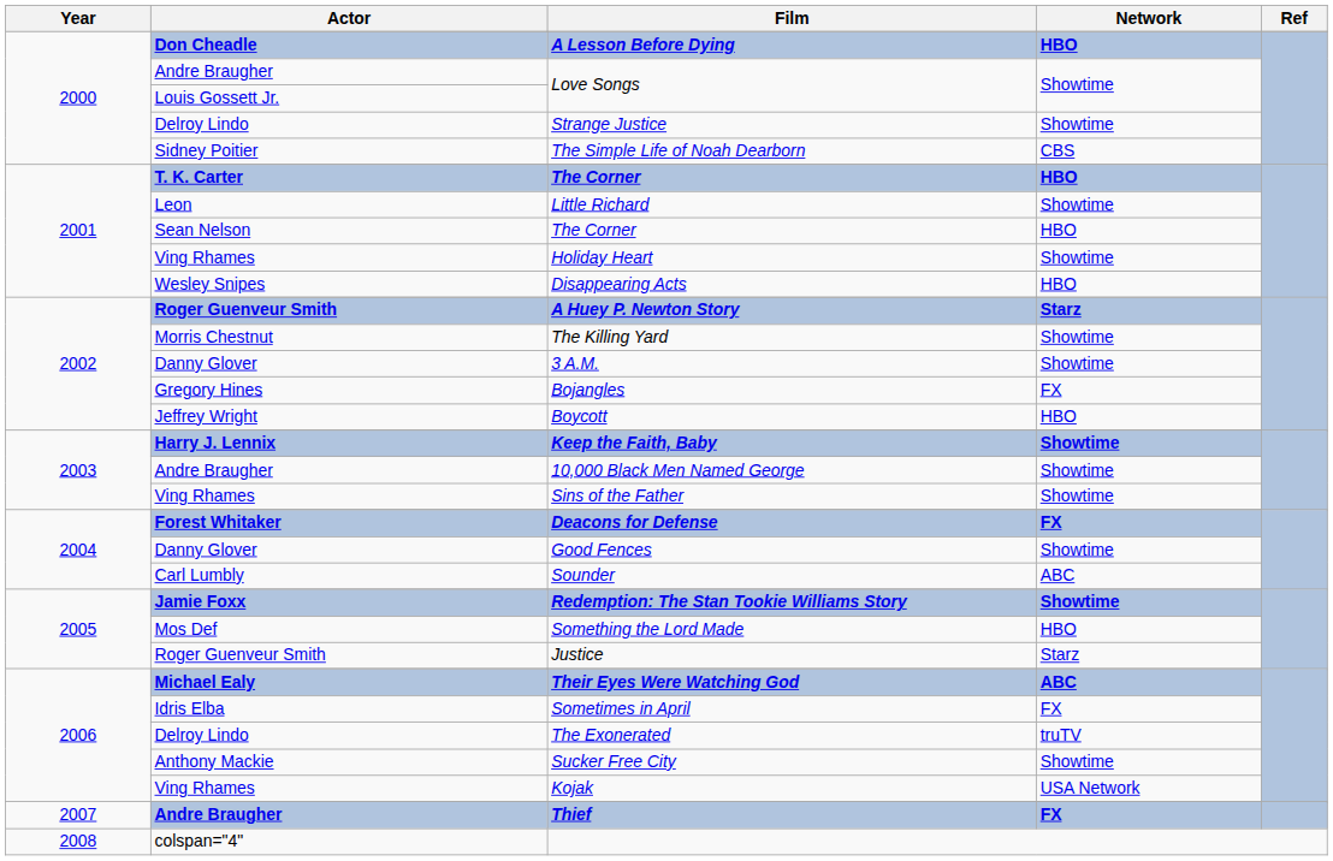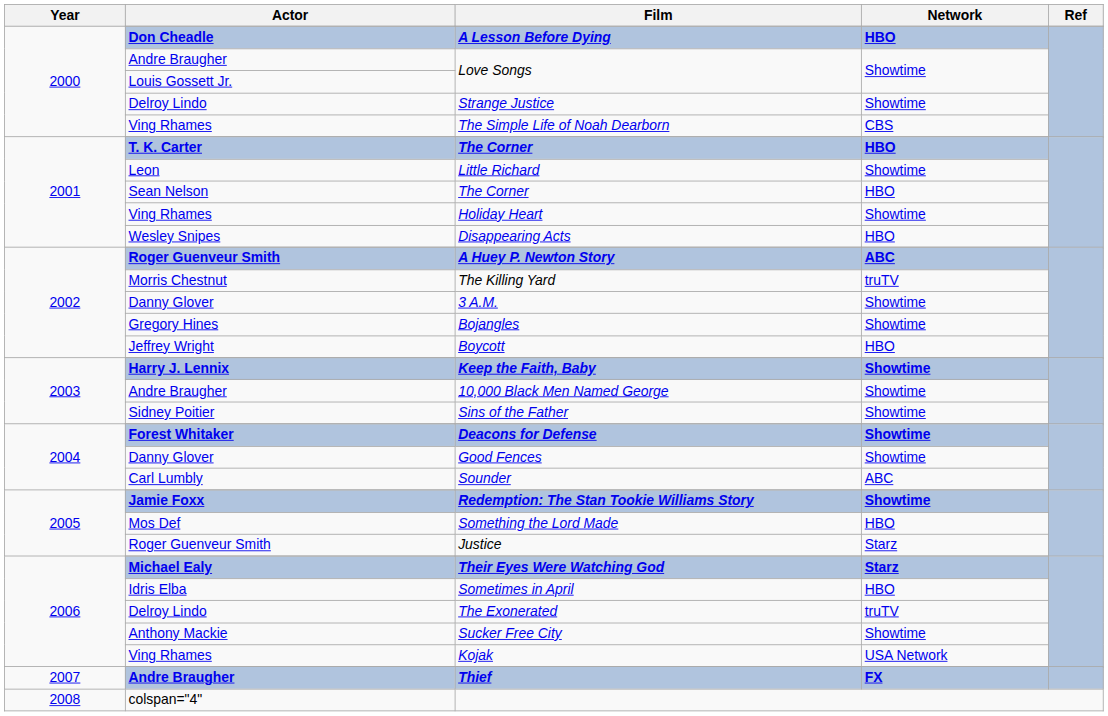 <table class="wikitable" style="width:100%;">
 <tr style="background:#bebebe;">
 <th style="width:11%;">Year</th>
 <th style="width:30%;">Actor</th>
 <th style="width:37%;">Film</th>
 <th style="width:17%;">Network</th>
 <th style="width:5%;">Ref</th>
 </tr>
 <tr>
 <td rowspan="6" align="center"><a href='#'>2000</a></td>
 </tr>
 <tr style="background:#B0C4DE">
 <td><strong><a href='#'>Don Cheadle</a></strong></td>
 <td><strong><em><a href='#'>A Lesson Before Dying</a></em></strong></td>
 <td><strong><a href='#'>HBO</a></strong></td>
 <td rowspan="6" align="center"></td>
 </tr>
 <tr>
 <td><a href='#'>Andre Braugher</a></td>
 <td rowspan="2"><em>Love Songs</em></td>
 <td rowspan="2"><a href='#'>Showtime</a></td>
 </tr>
 <tr>
 <td><a href='#'>Louis Gossett Jr.</a></td>
 </tr>
 <tr>
 <td><a href='#'>Delroy Lindo</a></td>
 <td><em><a href='#'>Strange Justice</a></em></td>
 <td><a href='#'>Showtime</a></td>
 </tr>
 <tr>
-<td><a href='#'>Sidney Poitier</a></td>
+<td><a href='#'>Ving Rhames</a></td>
 <td><em><a href='#'>The Simple Life of Noah Dearborn</a></em></td>
 <td><a href='#'>CBS</a></td>
 </tr>
 <tr>
 <td rowspan="6" align="center"><a href='#'>2001</a></td>
 </tr>
 <tr style="background:#B0C4DE">
 <td><strong><a href='#'>T. K. Carter</a></strong></td>
 <td><strong><em><a href='#'>The Corner</a></em></strong></td>
 <td><strong><a href='#'>HBO</a></strong></td>
 <td rowspan="6" align="center"></td>
 </tr>
 <tr>
 <td><a href='#'>Leon</a></td>
 <td><em><a href='#'>Little Richard</a></em></td>
 <td><a href='#'>Showtime</a></td>
 </tr>
 <tr>
 <td><a href='#'>Sean Nelson</a></td>
 <td><em><a href='#'>The Corner</a></em></td>
 <td><a href='#'>HBO</a></td>
 </tr>
 <tr>
 <td><a href='#'>Ving Rhames</a></td>
 <td><em><a href='#'>Holiday Heart</a></em></td>
 <td><a href='#'>Showtime</a></td>
 </tr>
 <tr>
 <td><a href='#'>Wesley Snipes</a></td>
 <td><em><a href='#'>Disappearing Acts</a></em></td>
 <td><a href='#'>HBO</a></td>
 </tr>
 <tr>
 <td rowspan="6" align="center"><a href='#'>2002</a></td>
 </tr>
 <tr style="background:#B0C4DE">
 <td><strong><a href='#'>Roger Guenveur Smith</a></strong></td>
 <td><strong><em><a href='#'>A Huey P. Newton Story</a></em></strong></td>
-<td><strong><a href='#'>Starz</a></strong></td>
+<td><strong><a href='#'>ABC</a></strong></td>
 <td rowspan="6" align="center"></td>
 </tr>
 <tr>
 <td><a href='#'>Morris Chestnut</a></td>
 <td><em>The Killing Yard</em></td>
-<td><a href='#'>Showtime</a></td>
+<td><a href='#'>truTV</a></td>
 </tr>
 <tr>
 <td><a href='#'>Danny Glover</a></td>
 <td><em><a href='#'>3 A.M.</a></em></td>
 <td><a href='#'>Showtime</a></td>
 </tr>
 <tr>
 <td><a href='#'>Gregory Hines</a></td>
 <td><em><a href='#'>Bojangles</a></em></td>
-<td><a href='#'>FX</a></td>
+<td><a href='#'>Showtime</a></td>
 </tr>
 <tr>
 <td><a href='#'>Jeffrey Wright</a></td>
 <td><em><a href='#'>Boycott</a></em></td>
 <td><a href='#'>HBO</a></td>
 </tr>
 <tr>
 <td rowspan="4" align="center"><a href='#'>2003</a></td>
 </tr>
 <tr style="background:#B0C4DE">
 <td><strong><a href='#'>Harry J. Lennix</a></strong></td>
 <td><strong><em><a href='#'>Keep the Faith, Baby</a></em></strong></td>
 <td><strong><a href='#'>Showtime</a></strong></td>
 <td rowspan="4" align="center"></td>
 </tr>
 <tr>
 <td><a href='#'>Andre Braugher</a></td>
 <td><em><a href='#'>10,000 Black Men Named George</a></em></td>
 <td><a href='#'>Showtime</a></td>
 </tr>
 <tr>
-<td><a href='#'>Ving Rhames</a></td>
+<td><a href='#'>Sidney Poitier</a></td>
 <td><em><a href='#'>Sins of the Father</a></em></td>
 <td><a href='#'>Showtime</a></td>
 </tr>
 <tr>
 <td rowspan="4" align="center"><a href='#'>2004</a></td>
 </tr>
 <tr style="background:#B0C4DE">
 <td><strong><a href='#'>Forest Whitaker</a></strong></td>
 <td><strong><em><a href='#'>Deacons for Defense</a></em></strong></td>
-<td><strong><a href='#'>FX</a></strong></td>
+<td><strong><a href='#'>Showtime</a></strong></td>
 <td rowspan="4" align="center"></td>
 </tr>
 <tr>
 <td><a href='#'>Danny Glover</a></td>
 <td><em><a href='#'>Good Fences</a></em></td>
 <td><a href='#'>Showtime</a></td>
 </tr>
 <tr>
 <td><a href='#'>Carl Lumbly</a></td>
 <td><em><a href='#'>Sounder</a></em></td>
 <td><a href='#'>ABC</a></td>
 </tr>
 <tr>
 <td rowspan="4" align="center"><a href='#'>2005</a></td>
 </tr>
 <tr style="background:#B0C4DE">
 <td><strong><a href='#'>Jamie Foxx</a></strong></td>
 <td><strong><em><a href='#'>Redemption: The Stan Tookie Williams Story</a></em></strong></td>
 <td><strong><a href='#'>Showtime</a></strong></td>
 <td rowspan="4" align="center"></td>
 </tr>
 <tr>
 <td><a href='#'>Mos Def</a></td>
 <td><em><a href='#'>Something the Lord Made</a></em></td>
 <td><a href='#'>HBO</a></td>
 </tr>
 <tr>
 <td><a href='#'>Roger Guenveur Smith</a></td>
 <td><em>Justice</em></td>
 <td><a href='#'>Starz</a></td>
 </tr>
 <tr>
 <td rowspan="6" align="center"><a href='#'>2006</a></td>
 </tr>
 <tr style="background:#B0C4DE">
 <td><strong><a href='#'>Michael Ealy</a></strong></td>
 <td><strong><em><a href='#'>Their Eyes Were Watching God</a></em></strong></td>
-<td><strong><a href='#'>ABC</a></strong></td>
+<td><strong><a href='#'>Starz</a></strong></td>
 <td rowspan="6" align="center"></td>
 </tr>
 <tr>
 <td><a href='#'>Idris Elba</a></td>
 <td><em><a href='#'>Sometimes in April</a></em></td>
-<td><a href='#'>FX</a></td>
+<td><a href='#'>HBO</a></td>
 </tr>
 <tr>
 <td><a href='#'>Delroy Lindo</a></td>
 <td><em><a href='#'>The Exonerated</a></em></td>
 <td><a href='#'>truTV</a></td>
 </tr>
 <tr>
 <td><a href='#'>Anthony Mackie</a></td>
 <td><em><a href='#'>Sucker Free City</a></em></td>
 <td><a href='#'>Showtime</a></td>
 </tr>
 <tr>
 <td><a href='#'>Ving Rhames</a></td>
 <td><em><a href='#'>Kojak</a></em></td>
 <td><a href='#'>USA Network</a></td>
 </tr>
 <tr>
 <td rowspan="2" align="center"><a href='#'>2007</a></td>
 </tr>
 <tr style="background:#B0C4DE">
 <td><strong><a href='#'>Andre Braugher</a></strong></td>
 <td><strong><em><a href='#'>Thief</a></em></strong></td>
 <td><strong><a href='#'>FX</a></strong></td>
 <td align="center"></td>
 </tr>
 <tr>
 <td align="center"><a href='#'>2008</a></td>
 <td>colspan="4" </td>
 </tr>
 </table>
